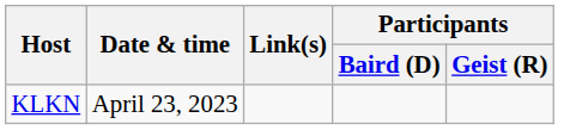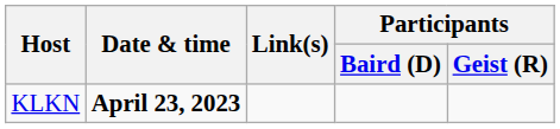 <table class="wikitable sortable">
 <tr>
 <th rowspan="2">Host</th>
 <th rowspan="2">Date & time</th>
 <th rowspan="2">Link(s)</th>
 <th colspan="2">Participants</th>
 </tr>
 <tr>
 <th><a href='#'>Baird</a> (D)</th>
 <th><a href='#'>Geist</a> (R)</th>
 </tr>
 <tr>
 <td align="center"><a href='#'>KLKN</a></td>
-<td align="center">April 23, 2023</td>
+<td align="center"><strong>April 23, 2023</strong></td>
 <td align="center"></td>
 <td></td>
 <td></td>
 </tr>
 </table>
